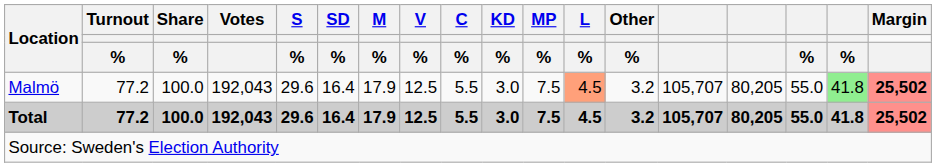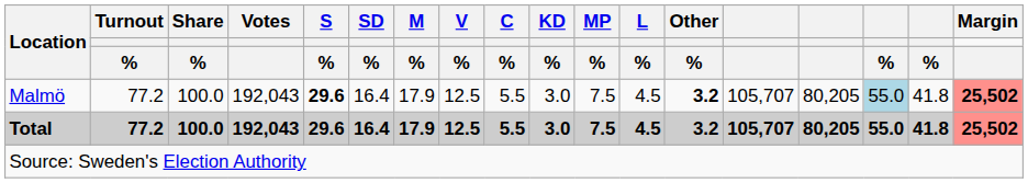 <table class="wikitable sortable" style="text-align:right; font-size:95%; line-height:20px;">
 <tr>
 <th rowspan="3">Location</th>
 <th>Turnout</th>
 <th>Share</th>
 <th>Votes</th>
 <th width="30px" class="unsortable"><a href='#'>S</a></th>
 <th width="30px" class="unsortable"><a href='#'>SD</a></th>
 <th width="30px" class="unsortable"><a href='#'>M</a></th>
 <th width="30px" class="unsortable"><a href='#'>V</a></th>
 <th width="30px" class="unsortable"><a href='#'>C</a></th>
 <th width="30px" class="unsortable"><a href='#'>KD</a></th>
 <th width="30px" class="unsortable"><a href='#'>MP</a></th>
 <th width="30px" class="unsortable"><a href='#'>L</a></th>
 <th width="30px" class="unsortable">Other</th>
 <th></th>
 <th></th>
 <th></th>
 <th></th>
 <th>Margin</th>
 </tr>
 <tr>
 <th></th>
 <th></th>
 <th></th>
 <th style="background:"></th>
 <th style="background:"></th>
 <th style="background:"></th>
 <th style="background:"></th>
 <th style="background:"></th>
 <th style="background:"></th>
 <th style="background:"></th>
 <th style="background:"></th>
 <th style="background:"></th>
 <th style="background:"></th>
 <th style="background:"></th>
 <th style="background:"></th>
 <th style="background:"></th>
 </tr>
 <tr>
 <th data-sort-type="number">%</th>
 <th data-sort-type="number">%</th>
 <th></th>
 <th data-sort-type="number">%</th>
 <th data-sort-type="number">%</th>
 <th data-sort-type="number">%</th>
 <th data-sort-type="number">%</th>
 <th data-sort-type="number">%</th>
 <th data-sort-type="number">%</th>
 <th data-sort-type="number">%</th>
 <th data-sort-type="number">%</th>
 <th data-sort-type="number">%</th>
 <th data-sort-type="number"></th>
 <th data-sort-type="number"></th>
 <th data-sort-type="number">%</th>
 <th data-sort-type="number">%</th>
 <th data-sort-type="number"></th>
 </tr>
 <tr>
 <td align="left"><a href='#'>Malmö</a></td>
 <td>77.2</td>
 <td>100.0</td>
 <td>192,043</td>
-<td>29.6</td>
+<td><strong>29.6</strong></td>
 <td>16.4</td>
 <td>17.9</td>
 <td>12.5</td>
 <td>5.5</td>
 <td>3.0</td>
 <td>7.5</td>
-<td style="background: lightsalmon;">4.5</td>
-<td>3.2</td>
+<td>4.5</td>
+<td><strong>3.2</strong></td>
 <td>105,707</td>
 <td>80,205</td>
-<td>55.0</td>
-<td style="background: lightgreen;">41.8</td>
+<td style="background: lightblue;">55.0</td>
+<td>41.8</td>
 <td bgcolor=#ff908c><strong>25,502</strong></td>
 </tr>
 <tr style="background:#CDCDCD;">
 <td align="left"><strong>Total</strong></td>
 <td><strong>77.2</strong></td>
 <td><strong>100.0</strong></td>
 <td><strong>192,043</strong></td>
 <td><strong>29.6</strong></td>
 <td><strong>16.4</strong></td>
 <td><strong>17.9</strong></td>
 <td><strong>12.5</strong></td>
 <td><strong>5.5</strong></td>
 <td><strong>3.0</strong></td>
 <td><strong>7.5</strong></td>
 <td><strong>4.5</strong></td>
 <td><strong>3.2</strong></td>
 <td><strong>105,707</strong></td>
 <td><strong>80,205</strong></td>
 <td><strong>55.0</strong></td>
 <td><strong>41.8</strong></td>
 <td bgcolor=#ff908c><strong>25,502</strong></td>
 </tr>
 <tr>
 <td colspan="18" align="left">Source: Sweden's <a href='#'>Election Authority</a></td>
 </tr>
 </table>
